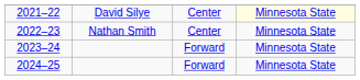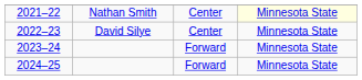 <table class="wikitable sortable" width=40%>
 <tr>
 </tr>
 <tr align=center>
 <td><a href='#'>2021–22</a></td>
-<td><a href='#'>David Silye</a></td>
+<td><a href='#'>Nathan Smith</a></td>
 <td><a href='#'>Center</a></td>
 <td style="background: lightyellow;"><a href='#'>Minnesota State</a></td>
 </tr>
 <tr align=center>
 <td><a href='#'>2022–23</a></td>
-<td><a href='#'>Nathan Smith</a></td>
+<td><a href='#'>David Silye</a></td>
 <td><a href='#'>Center</a></td>
 <td><a href='#'>Minnesota State</a></td>
 </tr>
 <tr align=center>
 <td><a href='#'>2023–24</a></td>
 <td></td>
 <td><a href='#'>Forward</a></td>
 <td><a href='#'>Minnesota State</a></td>
 </tr>
 <tr align=center>
 <td><a href='#'>2024–25</a></td>
 <td></td>
 <td><a href='#'>Forward</a></td>
 <td><a href='#'>Minnesota State</a></td>
 </tr>
 </table>
